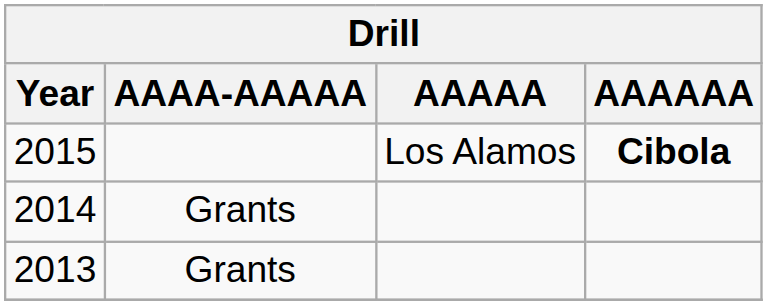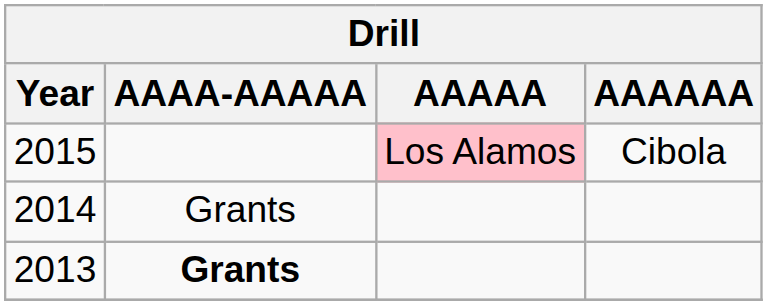 <table class="wikitable" style="text-align:center">
 <tr>
 <th colspan="4">Drill</th>
 </tr>
 <tr>
 <th>Year</th>
 <th>AAAA-AAAAA</th>
 <th>AAAAA</th>
 <th>AAAAAA</th>
 </tr>
 <tr>
 <td>2015</td>
 <td></td>
-<td>Los Alamos</td>
-<td><strong>Cibola</strong></td>
+<td style="background: pink;">Los Alamos</td>
+<td>Cibola</td>
 </tr>
 <tr>
 <td>2014</td>
 <td>Grants</td>
 <td></td>
 <td></td>
 </tr>
 <tr>
 <td>2013</td>
-<td>Grants</td>
+<td><strong>Grants</strong></td>
 <td></td>
 <td></td>
 </tr>
 <tr>
 </tr>
 </table>
